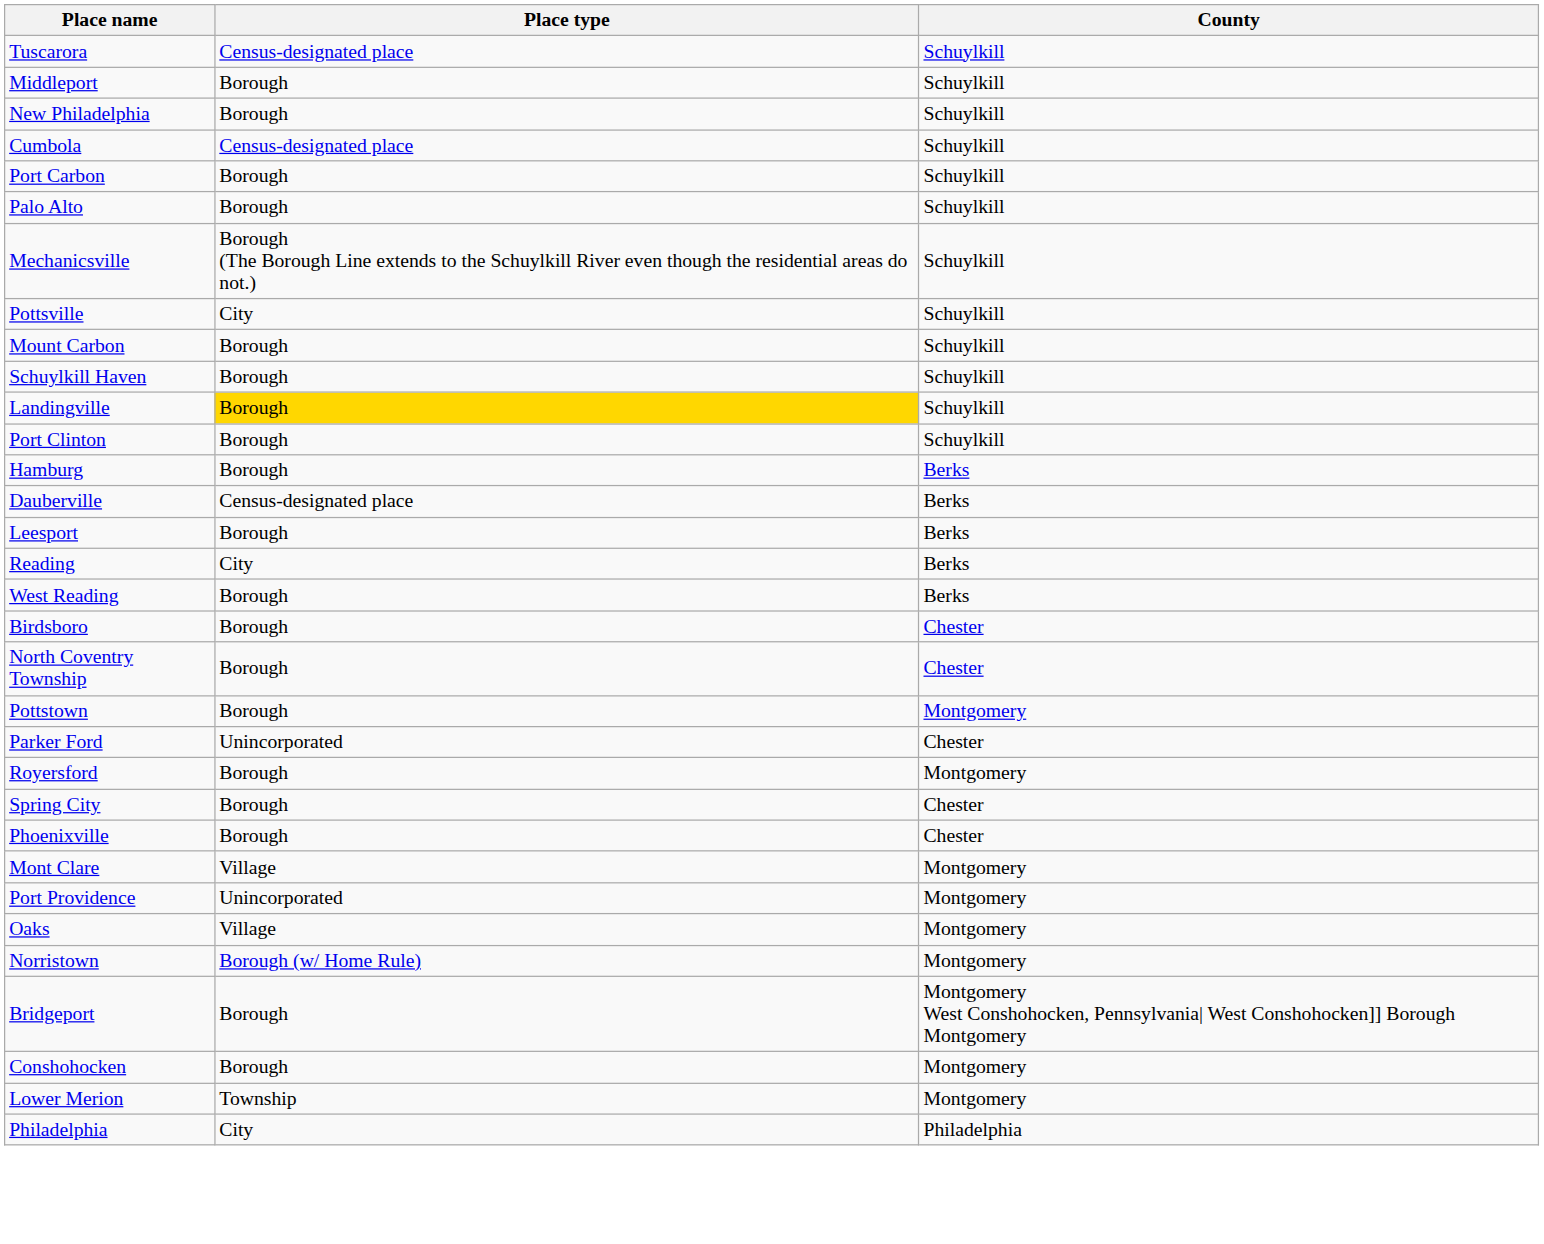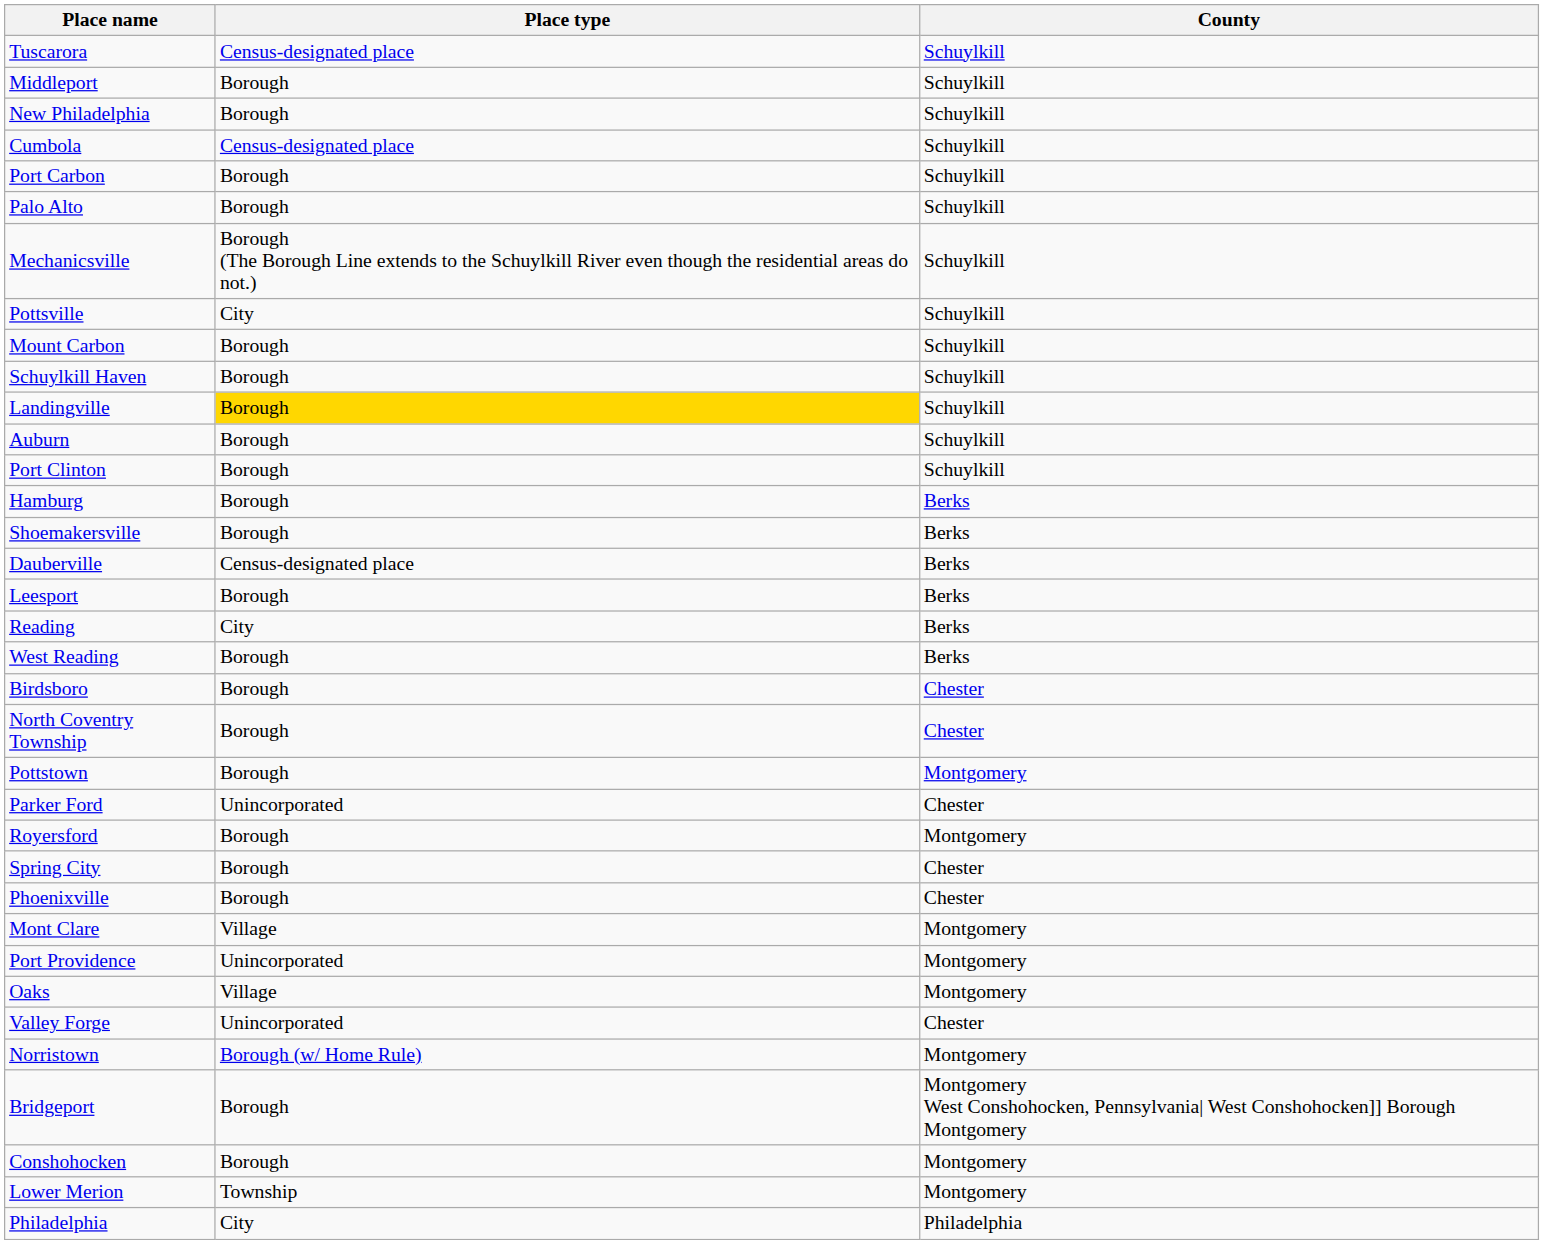 <table class="wikitable sortable">
 <tr>
 <th>Place name</th>
 <th>Place type</th>
 <th>County</th>
 </tr>
 <tr>
 <td><a href='#'>Tuscarora</a></td>
 <td><a href='#'>Census-designated place</a></td>
 <td><a href='#'>Schuylkill</a></td>
 </tr>
 <tr>
 <td><a href='#'>Middleport</a></td>
 <td>Borough</td>
 <td>Schuylkill</td>
 </tr>
 <tr>
 <td><a href='#'>New Philadelphia</a></td>
 <td>Borough</td>
 <td>Schuylkill</td>
 </tr>
 <tr>
 <td><a href='#'>Cumbola</a></td>
 <td><a href='#'>Census-designated place</a></td>
 <td>Schuylkill</td>
 </tr>
 <tr>
 <td><a href='#'>Port Carbon</a></td>
 <td>Borough</td>
 <td>Schuylkill</td>
 </tr>
 <tr>
 <td><a href='#'>Palo Alto</a></td>
 <td>Borough</td>
 <td>Schuylkill</td>
 </tr>
 <tr>
 <td><a href='#'>Mechanicsville</a></td>
 <td>Borough<br>(The Borough Line extends to the Schuylkill River even though the residential areas do not.)</td>
 <td>Schuylkill</td>
 </tr>
 <tr>
 <td><a href='#'>Pottsville</a></td>
 <td>City</td>
 <td>Schuylkill</td>
 </tr>
 <tr>
 <td><a href='#'>Mount Carbon</a></td>
 <td>Borough</td>
 <td>Schuylkill</td>
 </tr>
 <tr>
 <td><a href='#'>Schuylkill Haven</a></td>
 <td>Borough</td>
 <td>Schuylkill</td>
 </tr>
 <tr>
 <td><a href='#'>Landingville</a></td>
 <td style="background: gold;">Borough</td>
 <td>Schuylkill</td>
 </tr>
 <tr>
+<td><a href='#'>Auburn</a></td>
+<td>Borough</td>
+<td>Schuylkill</td>
+</tr>
+<tr>
 <td><a href='#'>Port Clinton</a></td>
 <td>Borough</td>
 <td>Schuylkill</td>
 </tr>
 <tr>
 <td><a href='#'>Hamburg</a></td>
 <td>Borough</td>
 <td><a href='#'>Berks</a></td>
+</tr>
+<tr>
+<td><a href='#'>Shoemakersville</a></td>
+<td>Borough</td>
+<td>Berks</td>
 </tr>
 <tr>
 <td><a href='#'>Dauberville</a></td>
 <td>Census-designated place</td>
 <td>Berks</td>
 </tr>
 <tr>
 <td><a href='#'>Leesport</a></td>
 <td>Borough</td>
 <td>Berks</td>
 </tr>
 <tr>
 <td><a href='#'>Reading</a></td>
 <td>City</td>
 <td>Berks</td>
 </tr>
 <tr>
 <td><a href='#'>West Reading</a></td>
 <td>Borough</td>
 <td>Berks</td>
 </tr>
 <tr>
 <td><a href='#'>Birdsboro</a></td>
 <td>Borough</td>
 <td><a href='#'>Chester</a></td>
 </tr>
 <tr>
 <td><a href='#'>North Coventry Township</a></td>
 <td>Borough</td>
 <td><a href='#'>Chester</a></td>
 </tr>
 <tr>
 <td><a href='#'>Pottstown</a></td>
 <td>Borough</td>
 <td><a href='#'>Montgomery</a></td>
 </tr>
 <tr>
 <td><a href='#'>Parker Ford</a></td>
 <td>Unincorporated</td>
 <td>Chester</td>
 </tr>
 <tr>
 <td><a href='#'>Royersford</a></td>
 <td>Borough</td>
 <td>Montgomery</td>
 </tr>
 <tr>
 <td><a href='#'>Spring City</a></td>
 <td>Borough</td>
 <td>Chester</td>
 </tr>
 <tr>
 <td><a href='#'>Phoenixville</a></td>
 <td>Borough</td>
 <td>Chester</td>
 </tr>
 <tr>
 <td><a href='#'>Mont Clare</a></td>
 <td>Village</td>
 <td>Montgomery</td>
 </tr>
 <tr>
 <td><a href='#'>Port Providence</a></td>
 <td>Unincorporated</td>
 <td>Montgomery</td>
 </tr>
 <tr>
 <td><a href='#'>Oaks</a></td>
 <td>Village</td>
 <td>Montgomery</td>
 </tr>
 <tr>
+<td><a href='#'>Valley Forge</a></td>
+<td>Unincorporated</td>
+<td>Chester</td>
+</tr>
+<tr>
 <td><a href='#'>Norristown</a></td>
 <td><a href='#'>Borough (w/ Home Rule)</a></td>
 <td>Montgomery</td>
 </tr>
 <tr>
 <td><a href='#'>Bridgeport</a></td>
 <td>Borough</td>
 <td>Montgomery<br>West Conshohocken, Pennsylvania| West Conshohocken]] Borough Montgomery</td>
 </tr>
 <tr>
 <td><a href='#'>Conshohocken</a></td>
 <td>Borough</td>
 <td>Montgomery</td>
 </tr>
 <tr>
 <td><a href='#'>Lower Merion</a></td>
 <td>Township</td>
 <td>Montgomery</td>
 </tr>
 <tr>
 <td><a href='#'>Philadelphia</a></td>
 <td>City</td>
 <td>Philadelphia</td>
 </tr>
 </table>
